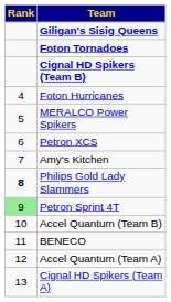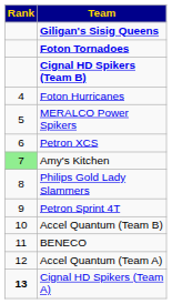 <table class="wikitable" style="text-align: center;">
 <tr>
 <th width=40 style="background:#00008B; color:#FFD700;">Rank</th>
 <th width=180 style="background:#00008B; color:#FFD700;">Team</th>
 </tr>
 <tr>
 <td></td>
 <td align="left"><strong><a href='#'>Giligan's Sisig Queens</a></strong></td>
 </tr>
 <tr>
 <td></td>
 <td align="left"><strong><a href='#'>Foton Tornadoes</a></strong></td>
 </tr>
 <tr>
 <td></td>
 <td align="left"><strong><a href='#'>Cignal HD Spikers (Team B)</a></strong></td>
 </tr>
 <tr>
 <td>4</td>
 <td align="left"><a href='#'>Foton Hurricanes</a></td>
 </tr>
 <tr>
 <td>5</td>
 <td align="left"><a href='#'>MERALCO Power Spikers</a></td>
 </tr>
 <tr>
 <td>6</td>
 <td align="left"><a href='#'>Petron XCS</a></td>
 </tr>
 <tr>
-<td>7</td>
+<td style="background: lightgreen;">7</td>
 <td align="left">Amy's Kitchen</td>
 </tr>
 <tr>
-<td><strong>8</strong></td>
+<td>8</td>
 <td align="left"><a href='#'>Philips Gold Lady Slammers</a></td>
 </tr>
 <tr>
-<td style="background: lightgreen;">9</td>
+<td>9</td>
 <td align="left"><a href='#'>Petron Sprint 4T</a></td>
 </tr>
 <tr>
 <td>10</td>
 <td align="left">Accel Quantum (Team B)</td>
 </tr>
 <tr>
 <td>11</td>
 <td align="left">BENECO</td>
 </tr>
 <tr>
 <td>12</td>
 <td align="left">Accel Quantum (Team A)</td>
 </tr>
 <tr>
-<td>13</td>
+<td><strong>13</strong></td>
 <td align="left"><a href='#'>Cignal HD Spikers (Team A)</a></td>
 </tr>
 </table>
